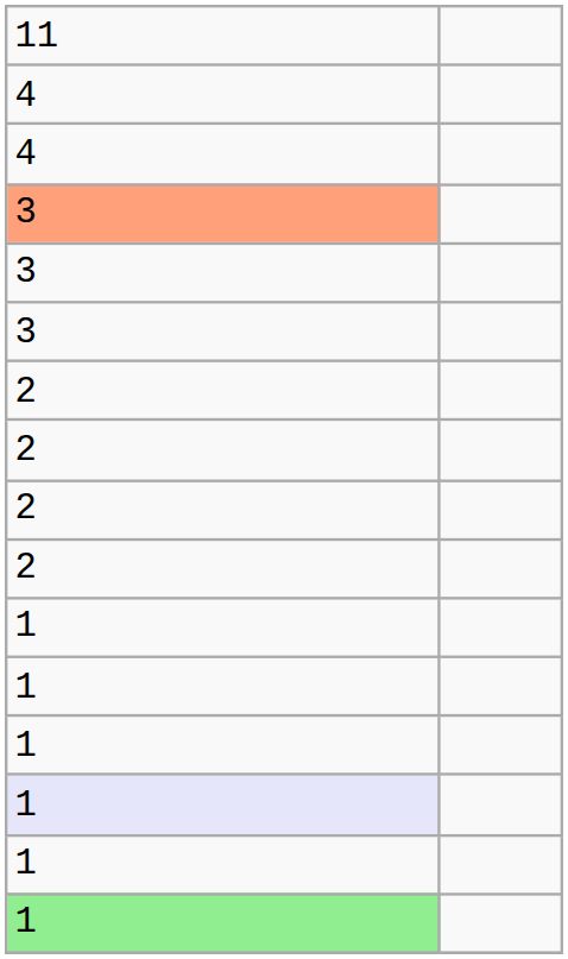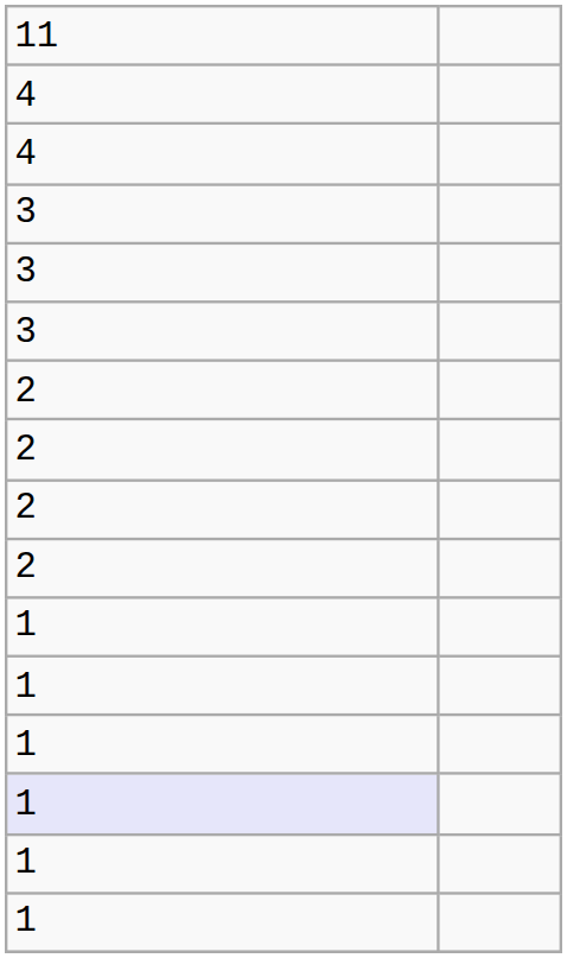 <table class="wikitable" width="200">
 <tr>
 <td>11</td>
 <td></td>
 </tr>
 <tr>
 <td>4</td>
 <td></td>
 </tr>
 <tr>
 <td>4</td>
 <td></td>
 </tr>
 <tr>
-<td style="background: lightsalmon;">3</td>
+<td>3</td>
 <td></td>
 </tr>
 <tr>
 <td>3</td>
 <td></td>
 </tr>
 <tr>
 <td>3</td>
 <td></td>
 </tr>
 <tr>
 <td>2</td>
 <td></td>
 </tr>
 <tr>
 <td>2</td>
 <td></td>
 </tr>
 <tr>
 <td>2</td>
 <td></td>
 </tr>
 <tr>
 <td>2</td>
 <td></td>
 </tr>
 <tr>
 <td>1</td>
 <td></td>
 </tr>
 <tr>
 <td>1</td>
 <td></td>
 </tr>
 <tr>
 <td>1</td>
 <td></td>
 </tr>
 <tr>
 <td style="background: lavender;">1</td>
 <td></td>
 </tr>
 <tr>
 <td>1</td>
 <td></td>
 </tr>
 <tr>
-<td style="background: lightgreen;">1</td>
+<td>1</td>
 <td></td>
 </tr>
 <tr>
 </tr>
 </table>
